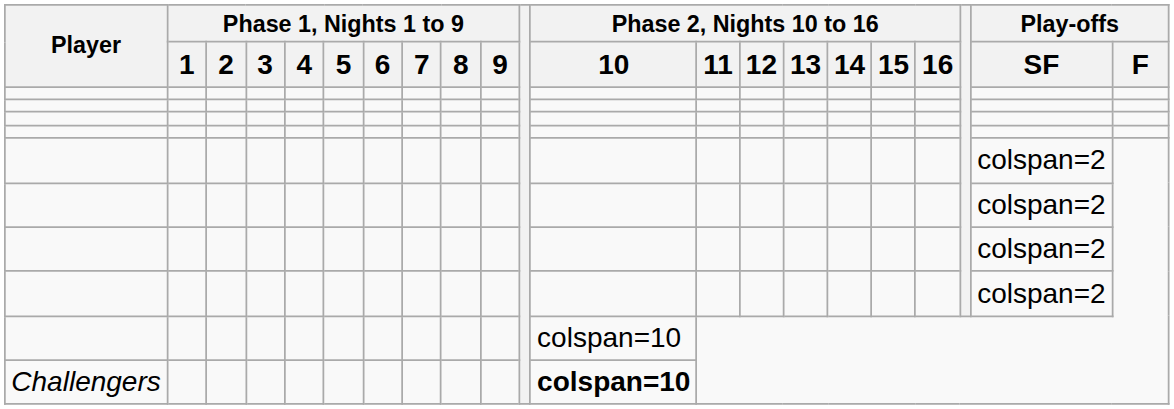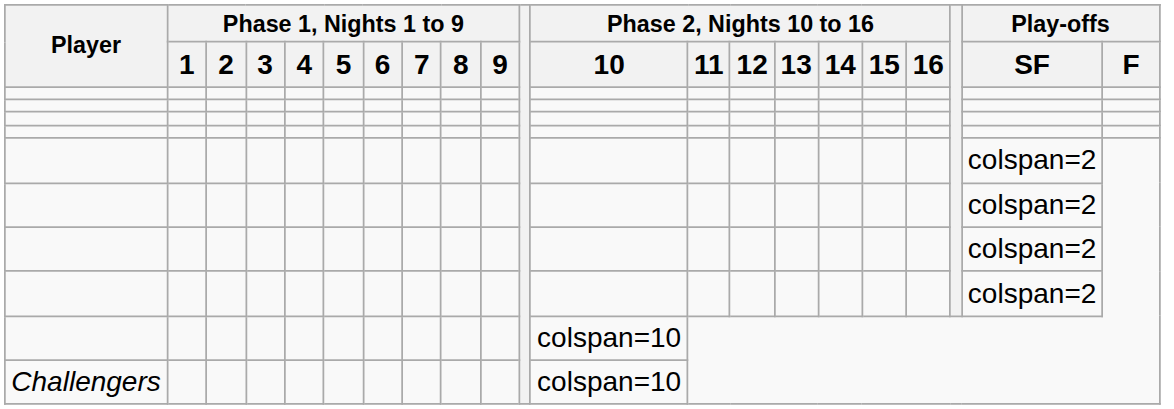 <table class="wikitable">
 <tr style="font-size:10pt;font-weight:bold">
 <th rowspan=2>Player</th>
 <th colspan=9>Phase 1, Nights 1 to 9</th>
 <th rowspan=12></th>
 <th colspan=7>Phase 2, Nights 10 to 16</th>
 <th rowspan=10></th>
 <th colspan=2 rowspan=1>Play-offs</th>
 </tr>
 <tr>
 <th style="width:15px;">1</th>
 <th style="width:15px;">2</th>
 <th style="width:15px;">3</th>
 <th style="width:15px;">4</th>
 <th style="width:15px;">5</th>
 <th style="width:15px;">6</th>
 <th style="width:15px;">7</th>
 <th style="width:15px;">8</th>
 <th style="width:15px;">9</th>
 <th style="width:15px;">10</th>
 <th style="width:15px;">11</th>
 <th style="width:15px;">12</th>
 <th style="width:15px;">13</th>
 <th style="width:15px;">14</th>
 <th style="width:15px;">15</th>
 <th style="width:15px;">16</th>
 <th style="width:25px;">SF</th>
 <th style="width:25px;">F</th>
 </tr>
 <tr>
 <td></td>
 <td></td>
 <td></td>
 <td></td>
 <td></td>
 <td></td>
 <td></td>
 <td></td>
 <td></td>
 <td></td>
 <td></td>
 <td></td>
 <td></td>
 <td></td>
 <td></td>
 <td></td>
 <td></td>
 <td></td>
 <td></td>
 </tr>
 <tr>
 <td></td>
 <td></td>
 <td></td>
 <td></td>
 <td></td>
 <td></td>
 <td></td>
 <td></td>
 <td></td>
 <td></td>
 <td></td>
 <td></td>
 <td></td>
 <td></td>
 <td></td>
 <td></td>
 <td></td>
 <td></td>
 <td></td>
 </tr>
 <tr>
 <td></td>
 <td></td>
 <td></td>
 <td></td>
 <td></td>
 <td></td>
 <td></td>
 <td></td>
 <td></td>
 <td></td>
 <td></td>
 <td></td>
 <td></td>
 <td></td>
 <td></td>
 <td></td>
 <td></td>
 <td></td>
 <td></td>
 </tr>
 <tr>
 <td> </td>
 <td></td>
 <td></td>
 <td></td>
 <td></td>
 <td></td>
 <td></td>
 <td></td>
 <td></td>
 <td></td>
 <td></td>
 <td></td>
 <td></td>
 <td></td>
 <td></td>
 <td></td>
 <td></td>
 <td></td>
 <td></td>
 </tr>
 <tr>
 <td></td>
 <td></td>
 <td></td>
 <td></td>
 <td></td>
 <td></td>
 <td></td>
 <td></td>
 <td></td>
 <td></td>
 <td></td>
 <td></td>
 <td></td>
 <td></td>
 <td></td>
 <td></td>
 <td></td>
 <td>colspan=2 </td>
 </tr>
 <tr>
 <td></td>
 <td></td>
 <td></td>
 <td></td>
 <td></td>
 <td></td>
 <td></td>
 <td></td>
 <td></td>
 <td></td>
 <td></td>
 <td></td>
 <td></td>
 <td></td>
 <td></td>
 <td></td>
 <td></td>
 <td>colspan=2 </td>
 </tr>
 <tr>
 <td></td>
 <td></td>
 <td></td>
 <td></td>
 <td></td>
 <td></td>
 <td></td>
 <td></td>
 <td></td>
 <td></td>
 <td></td>
 <td></td>
 <td></td>
 <td></td>
 <td></td>
 <td></td>
 <td></td>
 <td>colspan=2 </td>
 </tr>
 <tr>
 <td></td>
 <td></td>
 <td></td>
 <td></td>
 <td></td>
 <td></td>
 <td></td>
 <td></td>
 <td></td>
 <td></td>
 <td></td>
 <td></td>
 <td></td>
 <td></td>
 <td></td>
 <td></td>
 <td></td>
 <td>colspan=2 </td>
 </tr>
 <tr>
 <td></td>
 <td></td>
 <td></td>
 <td></td>
 <td></td>
 <td></td>
 <td></td>
 <td></td>
 <td></td>
 <td></td>
 <td>colspan=10 </td>
 </tr>
 <tr>
 <td><em>Challengers</em></td>
 <td></td>
 <td></td>
 <td></td>
 <td></td>
 <td></td>
 <td></td>
 <td></td>
 <td></td>
 <td></td>
-<td><strong>colspan=10 </strong></td>
+<td>colspan=10 </td>
 </tr>
 </table>
